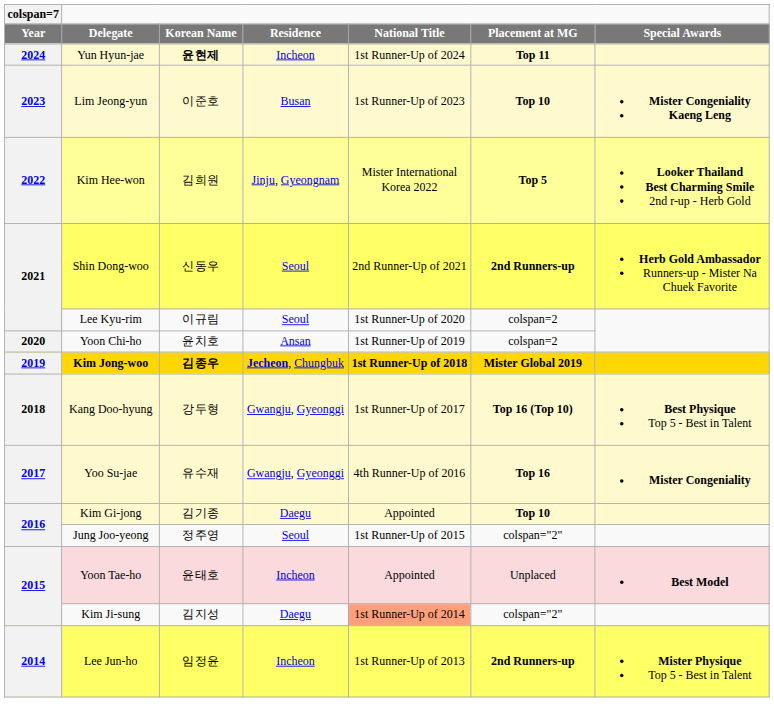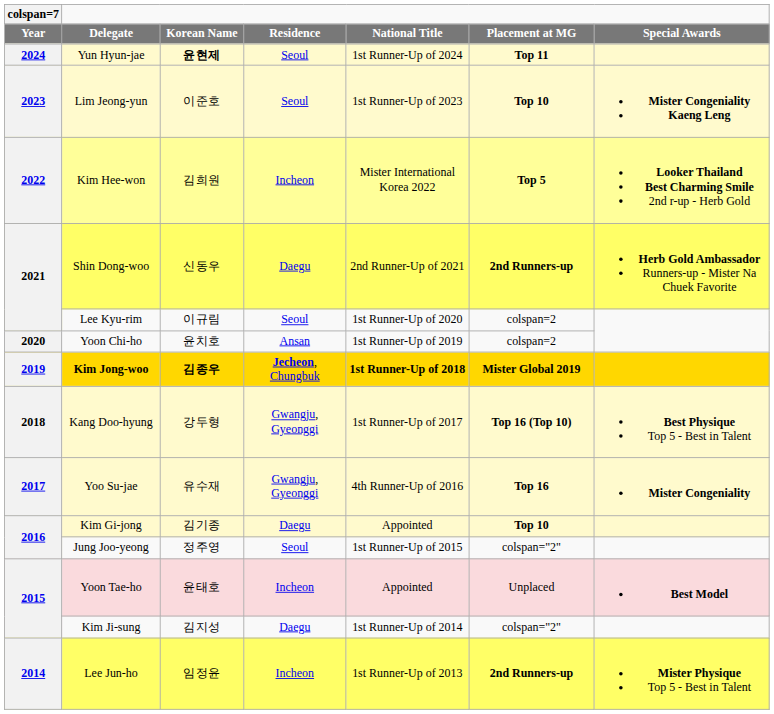 <table class="wikitable sortable" style="font-size: 85%; text-align:center">
 <tr>
 <th>colspan=7 </th>
 </tr>
 <tr>
 <th width="60" style="background-color:#787878;color:#FFFFFF;">Year</th>
 <th width="180" style="background-color:#787878;color:#FFFFFF;">Delegate</th>
 <th width="150" style="background-color:#787878;color:#FFFFFF;">Korean Name</th>
 <th width="180" style="background-color:#787878;color:#FFFFFF;">Residence</th>
 <th width="220" style="background-color:#787878;color:#FFFFFF;">National Title</th>
 <th width="230" style="background-color:#787878;color:#FFFFFF;">Placement at MG</th>
 <th width="300" style="background-color:#787878;color:#FFFFFF;">Special Awards</th>
 </tr>
 <tr style="background-color:#FFFACD;">
 <th><a href='#'>2024</a></th>
 <td>Yun Hyun-jae</td>
 <td><strong>윤현제</strong></td>
-<td><a href='#'>Incheon</a></td>
+<td><a href='#'>Seoul</a></td>
 <td>1st Runner-Up of 2024</td>
 <td><strong>Top 11</strong></td>
 <td></td>
 </tr>
 <tr style="background-color:#FFFACD;">
 <th><a href='#'>2023</a></th>
 <td>Lim Jeong-yun</td>
 <td>이준호</td>
-<td><a href='#'>Busan</a></td>
+<td><a href='#'>Seoul</a></td>
 <td>1st Runner-Up of 2023</td>
 <td><strong>Top 10</strong></td>
 <td><br><ul><li><strong>Mister Congeniality</strong></li><li><strong>Kaeng Leng</strong></li></ul></td>
 </tr>
 <tr style="background-color:#FFFF99;">
 <th><a href='#'>2022</a></th>
 <td>Kim Hee-won</td>
 <td>김희원</td>
-<td><a href='#'>Jinju</a>, <a href='#'>Gyeongnam</a></td>
+<td><a href='#'>Incheon</a></td>
 <td>Mister International Korea 2022</td>
 <td><strong>Top 5</strong></td>
 <td><br><ul><li><strong>Looker Thailand</strong></li><li><strong>Best Charming Smile</strong></li><li>2nd r-up - Herb Gold</li></ul></td>
 </tr>
 <tr style="background-color:#FFFF66;">
 <th rowspan="2">2021</th>
 <td>Shin Dong-woo</td>
 <td>신동우</td>
-<td><a href='#'>Seoul</a></td>
+<td><a href='#'>Daegu</a></td>
 <td>2nd Runner-Up of 2021</td>
 <td><strong>2nd Runners-up</strong></td>
 <td><br><ul><li><strong>Herb Gold Ambassador</strong></li><li>Runners-up - Mister Na Chuek Favorite</li></ul></td>
 </tr>
 <tr>
 <td>Lee Kyu-rim</td>
 <td>이규림</td>
 <td><a href='#'>Seoul</a></td>
 <td>1st Runner-Up of 2020</td>
 <td>colspan=2 </td>
 </tr>
 <tr>
 <th>2020</th>
 <td>Yoon Chi-ho</td>
 <td>윤치호</td>
 <td><a href='#'>Ansan</a></td>
 <td>1st Runner-Up of 2019</td>
 <td>colspan=2 </td>
 </tr>
 <tr style="background-color:GOLD;">
 <th><strong><a href='#'>2019</a></strong></th>
 <td><strong>Kim Jong-woo</strong></td>
 <td><strong>김종우</strong></td>
 <td><strong><a href='#'>Jecheon</a></strong>, <a href='#'>Chungbuk</a></td>
 <td><strong>1st Runner-Up of 2018</strong></td>
 <td><strong>Mister Global 2019</strong></td>
 <td></td>
 </tr>
 <tr style="background-color:#FFFACD;">
 <th>2018</th>
 <td>Kang Doo-hyung</td>
 <td>강두형</td>
 <td><a href='#'>Gwangju</a>, <a href='#'>Gyeonggi</a></td>
 <td>1st Runner-Up of 2017</td>
 <td><strong>Top 16 (Top 10)</strong></td>
 <td><br><ul><li><strong>Best Physique</strong></li><li>Top 5 - Best in Talent</li></ul></td>
 </tr>
 <tr style="background-color:#FFFACD;">
 <th><a href='#'>2017</a></th>
 <td>Yoo Su-jae</td>
 <td>유수재</td>
 <td><a href='#'>Gwangju</a>, <a href='#'>Gyeonggi</a></td>
 <td>4th Runner-Up of 2016</td>
 <td><strong>Top 16</strong></td>
 <td><br><ul><li><strong>Mister Congeniality</strong></li></ul></td>
 </tr>
 <tr style="background-color:#FFFACD;">
 <th rowspan="2"><a href='#'>2016</a></th>
 <td>Kim Gi-jong</td>
 <td>김기종</td>
 <td><a href='#'>Daegu</a></td>
 <td>Appointed</td>
 <td><strong>Top 10</strong></td>
 <td></td>
 </tr>
 <tr>
 <td>Jung Joo-yeong</td>
 <td>정주영</td>
 <td><a href='#'>Seoul</a></td>
 <td>1st Runner-Up of 2015</td>
 <td>colspan="2" </td>
 </tr>
 <tr style="background-color:#FADADD;: bold">
 <th rowspan="2"><a href='#'>2015</a></th>
 <td>Yoon Tae-ho</td>
 <td>윤태호</td>
 <td><a href='#'>Incheon</a></td>
 <td>Appointed</td>
 <td>Unplaced</td>
 <td><br><ul><li><strong>Best Model</strong></li></ul></td>
 </tr>
 <tr>
 <td>Kim Ji-sung</td>
 <td>김지성</td>
 <td><a href='#'>Daegu</a></td>
-<td style="background: lightsalmon;">1st Runner-Up of 2014</td>
+<td>1st Runner-Up of 2014</td>
 <td>colspan="2" </td>
 </tr>
 <tr style="background-color:#FFFF66;">
 <th><a href='#'>2014</a></th>
 <td>Lee Jun-ho</td>
 <td>임정윤</td>
 <td><a href='#'>Incheon</a></td>
 <td>1st Runner-Up of 2013</td>
 <td><strong>2nd Runners-up</strong></td>
 <td><br><ul><li><strong>Mister Physique</strong></li><li>Top 5 - Best in Talent</li></ul></td>
 </tr>
 </table>
